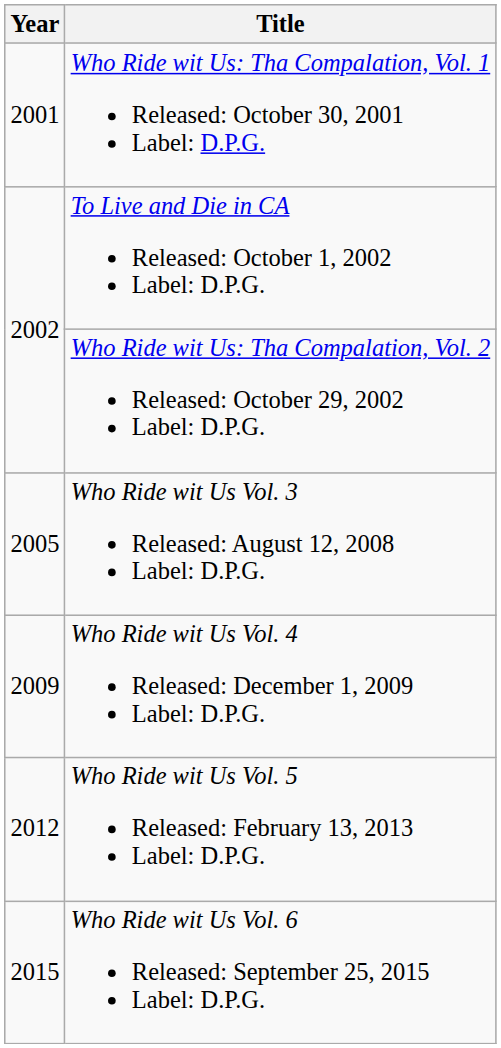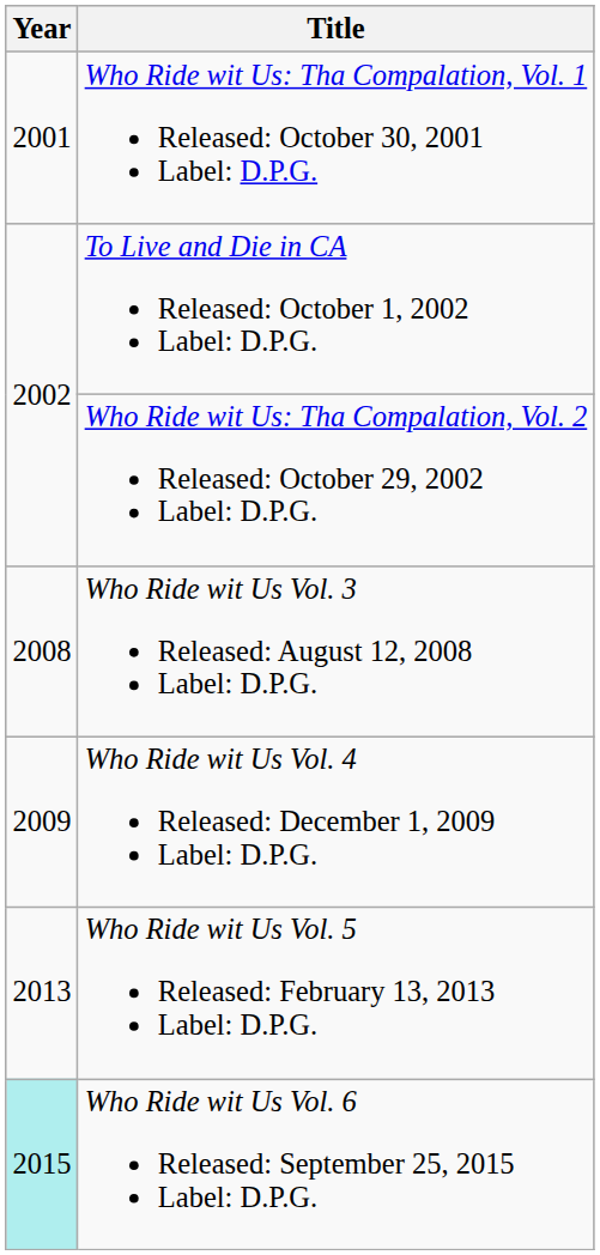 <table class="wikitable">
 <tr>
 <th rowspan="1">Year</th>
 <th rowspan="1">Title</th>
 </tr>
 <tr>
 <td>2001</td>
 <td><em><a href='#'>Who Ride wit Us: Tha Compalation, Vol. 1</a></em><br><ul><li>Released: October 30, 2001</li><li>Label: <a href='#'>D.P.G.</a></li></ul></td>
 </tr>
 <tr>
 <td rowspan="2">2002</td>
 <td><em><a href='#'>To Live and Die in CA</a></em><br><ul><li>Released: October 1, 2002</li><li>Label: D.P.G.</li></ul></td>
 </tr>
 <tr>
 <td><em><a href='#'>Who Ride wit Us: Tha Compalation, Vol. 2</a></em><br><ul><li>Released: October 29, 2002</li><li>Label: D.P.G.</li></ul></td>
 </tr>
 <tr>
-<td>2005</td>
+<td>2008</td>
 <td><em>Who Ride wit Us Vol. 3</em><br><ul><li>Released: August 12, 2008</li><li>Label: D.P.G.</li></ul></td>
 </tr>
 <tr>
 <td>2009</td>
 <td><em>Who Ride wit Us Vol. 4</em><br><ul><li>Released: December 1, 2009</li><li>Label: D.P.G.</li></ul></td>
 </tr>
 <tr>
-<td>2012</td>
+<td>2013</td>
 <td><em>Who Ride wit Us Vol. 5</em><br><ul><li>Released: February 13, 2013</li><li>Label: D.P.G.</li></ul></td>
 </tr>
 <tr>
-<td>2015</td>
+<td style="background: paleturquoise;">2015</td>
 <td><em>Who Ride wit Us Vol. 6</em><br><ul><li>Released: September 25, 2015</li><li>Label: D.P.G.</li></ul></td>
 </tr>
 </table>
